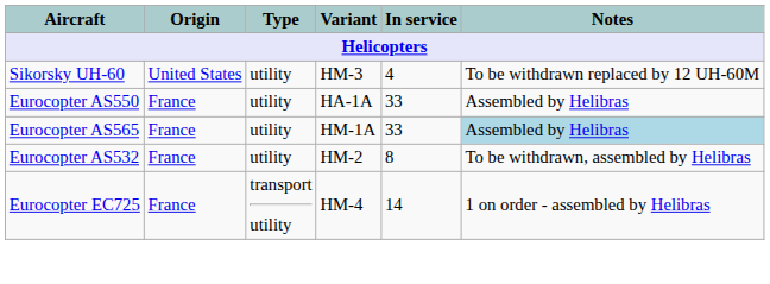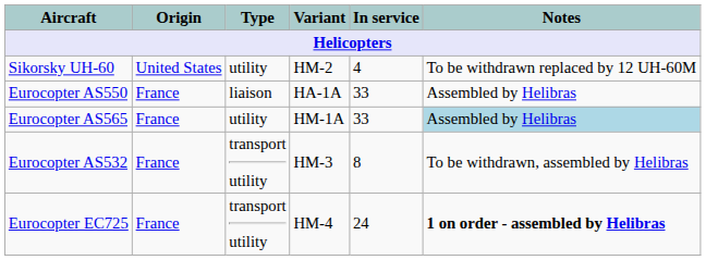 <table class="wikitable">
 <tr>
 <th style="text-align:center; background:#acc;">Aircraft</th>
 <th style="text-align: center; background:#acc;">Origin</th>
 <th style="text-align:l center; background:#acc;">Type</th>
 <th style="text-align:left; background:#acc;">Variant</th>
 <th style="text-align:center; background:#acc;">In service</th>
 <th style="text-align: center; background:#acc;">Notes</th>
 </tr>
 <tr>
 <th style="align: center; background: lavender;" colspan="7"><a href='#'>Helicopters</a></th>
 </tr>
 <tr>
 <td><a href='#'>Sikorsky UH-60</a></td>
 <td><a href='#'>United States</a></td>
 <td>utility</td>
-<td>HM-3</td>
+<td>HM-2</td>
 <td>4</td>
 <td>To be withdrawn replaced by 12 UH-60M</td>
 </tr>
 <tr>
 <td><a href='#'>Eurocopter AS550</a></td>
 <td><a href='#'>France</a></td>
-<td>utility</td>
+<td>liaison</td>
 <td>HA-1A</td>
 <td>33</td>
 <td>Assembled by <a href='#'>Helibras</a></td>
 </tr>
 <tr>
 <td><a href='#'>Eurocopter AS565</a></td>
 <td><a href='#'>France</a></td>
 <td>utility</td>
 <td>HM-1A</td>
 <td>33</td>
 <td style="background: lightblue;">Assembled by <a href='#'>Helibras</a></td>
 </tr>
 <tr>
 <td><a href='#'>Eurocopter AS532</a></td>
 <td><a href='#'>France</a></td>
-<td>utility</td>
-<td>HM-2</td>
+<td>transport<hr>utility</td>
+<td>HM-3</td>
 <td>8</td>
 <td>To be withdrawn, assembled by <a href='#'>Helibras</a></td>
 </tr>
 <tr>
 <td><a href='#'>Eurocopter EC725</a></td>
 <td><a href='#'>France</a></td>
 <td>transport<hr>utility</td>
 <td>HM-4</td>
-<td>14</td>
-<td>1 on order - assembled by <a href='#'>Helibras</a></td>
+<td>24</td>
+<td><strong>1 on order - assembled by <a href='#'>Helibras</a></strong></td>
 </tr>
 </table>
